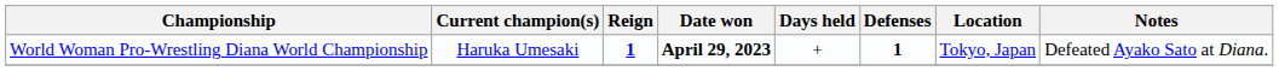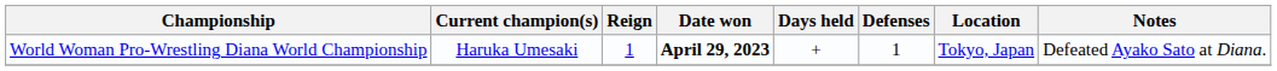 <table class="wikitable" style="text-align:center; background:#fcfdff; font-size:85%;">
 <tr>
 <th>Championship</th>
 <th>Current champion(s)</th>
 <th>Reign</th>
 <th>Date won</th>
 <th>Days held</th>
 <th>Defenses</th>
 <th>Location</th>
 <th>Notes</th>
 </tr>
 <tr>
 <td><a href='#'>World Woman Pro-Wrestling Diana World Championship</a></td>
 <td><a href='#'>Haruka Umesaki</a></td>
-<td><strong><a href='#'>1</a></strong></td>
+<td><a href='#'>1</a></td>
 <td><strong>April 29, 2023</strong></td>
 <td>+</td>
-<td><strong>1</strong></td>
+<td>1</td>
 <td><a href='#'>Tokyo, Japan</a></td>
 <td align=left>Defeated <a href='#'>Ayako Sato</a> at <em>Diana</em>.</td>
 </tr>
 <tr>
 </tr>
 </table>
